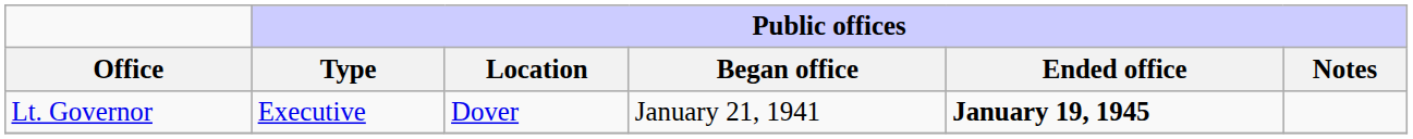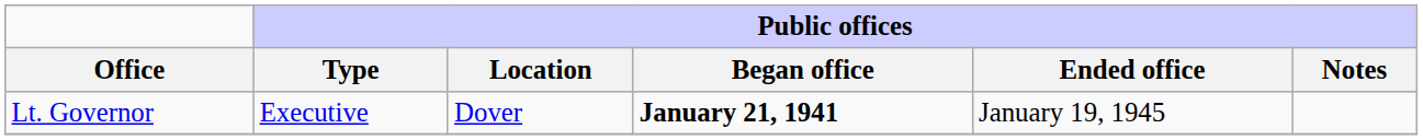 <table class=wikitable style="width: 94%" style="text-align: center;" align="center">
 <tr>
 <td></td>
 <th colspan=7 style="background: #ccccff;">Public offices</th>
 </tr>
 <tr>
 <th>Office</th>
 <th>Type</th>
 <th>Location</th>
 <th>Began office</th>
 <th>Ended office</th>
 <th>Notes</th>
 </tr>
 <tr>
 <td><a href='#'>Lt. Governor</a></td>
 <td><a href='#'>Executive</a></td>
 <td><a href='#'>Dover</a></td>
-<td>January 21, 1941</td>
-<td><strong>January 19, 1945</strong></td>
+<td><strong>January 21, 1941</strong></td>
+<td>January 19, 1945</td>
 <td></td>
 </tr>
 <tr>
 </tr>
 </table>
